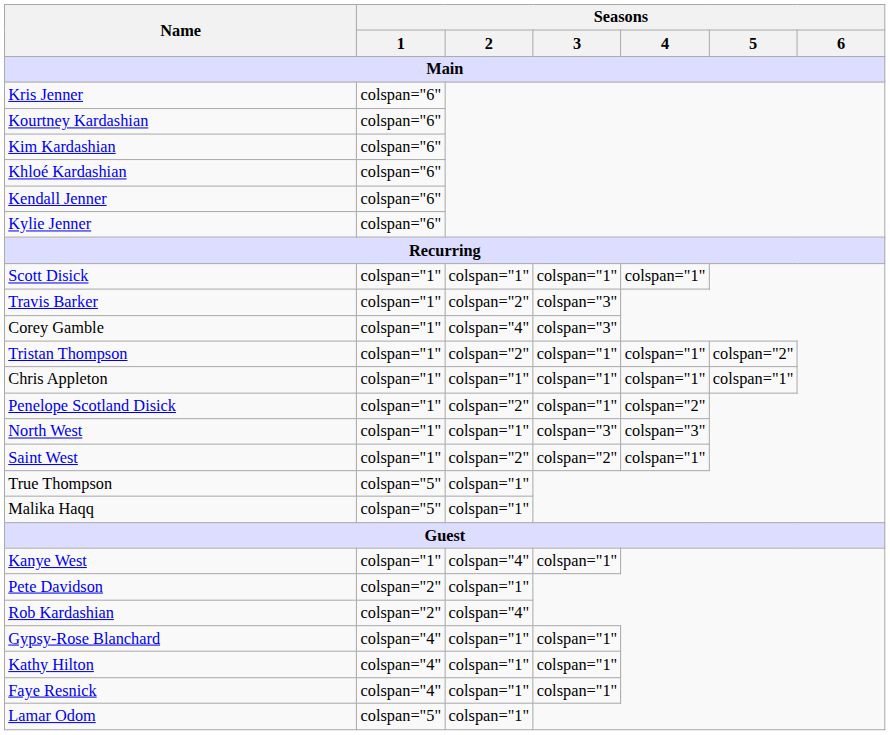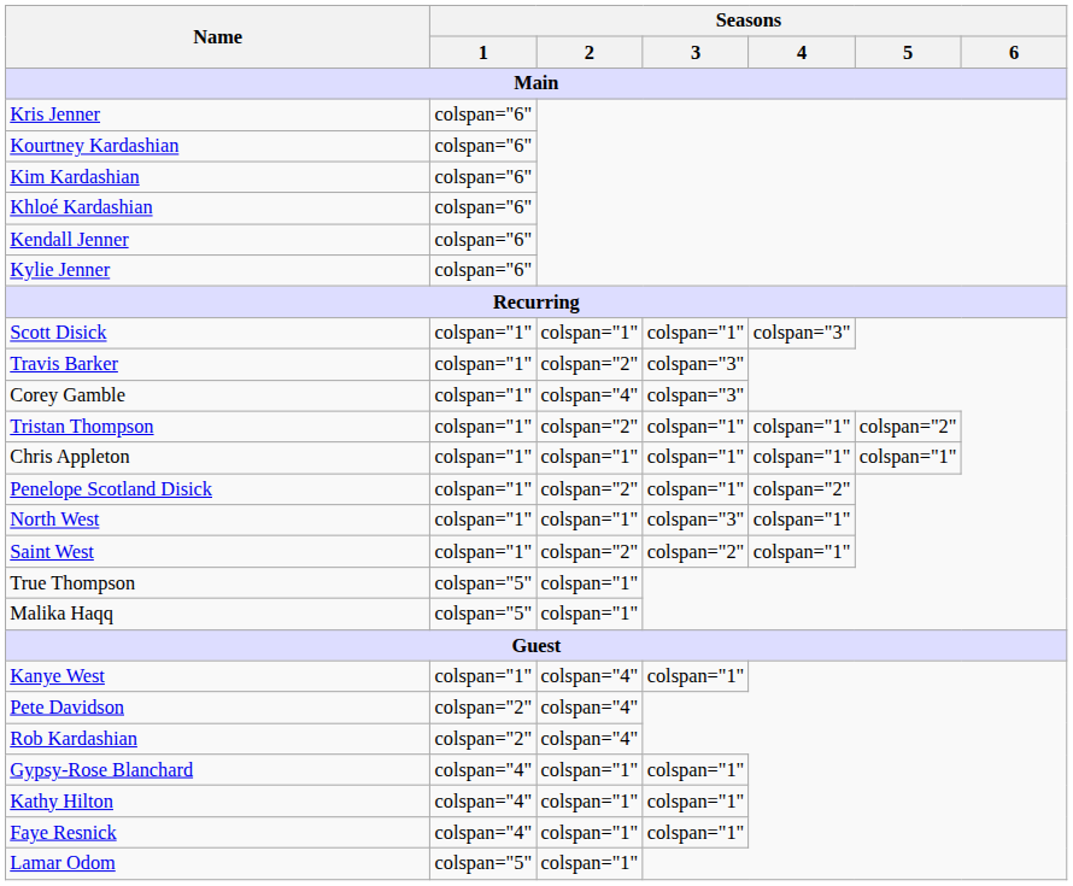 <table class="wikitable plainrowheaders">
 <tr>
 <th scope="col" rowspan="2">Name</th>
 <th scope="col" colspan="19">Seasons</th>
 </tr>
 <tr>
 <th scope="col" style="width:10%;">1</th>
 <th scope="col" style="width:10%;">2</th>
 <th scope="col" style="width:10%;">3</th>
 <th scope="col" style="width:10%;">4</th>
 <th scope="col" style="width:10%;">5</th>
 <th scope="col" style="width:10%;">6</th>
 </tr>
 <tr>
 <th scope="col" colspan="7" style="background-color:#ddf;">Main</th>
 </tr>
 <tr>
 <td><a href='#'>Kris Jenner</a></td>
 <td>colspan="6" </td>
 </tr>
 <tr>
 <td><a href='#'>Kourtney Kardashian</a></td>
 <td>colspan="6" </td>
 </tr>
 <tr>
 <td><a href='#'>Kim Kardashian</a></td>
 <td>colspan="6" </td>
 </tr>
 <tr>
 <td><a href='#'>Khloé Kardashian</a></td>
 <td>colspan="6" </td>
 </tr>
 <tr>
 <td><a href='#'>Kendall Jenner</a></td>
 <td>colspan="6" </td>
 </tr>
 <tr>
 <td><a href='#'>Kylie Jenner</a></td>
 <td>colspan="6" </td>
 </tr>
 <tr>
 <th scope="col" colspan="7" style="background-color:#ddf;">Recurring</th>
 </tr>
 <tr>
 <td><a href='#'>Scott Disick</a></td>
 <td>colspan="1" </td>
 <td>colspan="1" </td>
 <td>colspan="1" </td>
-<td>colspan="1" </td>
+<td>colspan="3" </td>
 </tr>
 <tr>
 <td><a href='#'>Travis Barker</a></td>
 <td>colspan="1" </td>
 <td>colspan="2" </td>
 <td>colspan="3" </td>
 </tr>
 <tr>
 <td>Corey Gamble</td>
 <td>colspan="1" </td>
 <td>colspan="4" </td>
 <td>colspan="3" </td>
 </tr>
 <tr>
 <td><a href='#'>Tristan Thompson</a></td>
 <td>colspan="1" </td>
 <td>colspan="2" </td>
 <td>colspan="1" </td>
 <td>colspan="1" </td>
 <td>colspan="2" </td>
 </tr>
 <tr>
 <td>Chris Appleton</td>
 <td>colspan="1" </td>
 <td>colspan="1" </td>
 <td>colspan="1" </td>
 <td>colspan="1" </td>
 <td>colspan="1" </td>
 </tr>
 <tr>
 <td><a href='#'>Penelope Scotland Disick</a></td>
 <td>colspan="1" </td>
 <td>colspan="2" </td>
 <td>colspan="1" </td>
 <td>colspan="2" </td>
 </tr>
 <tr>
 <td><a href='#'>North West</a></td>
 <td>colspan="1" </td>
 <td>colspan="1" </td>
 <td>colspan="3" </td>
-<td>colspan="3" </td>
+<td>colspan="1" </td>
 </tr>
 <tr>
 <td><a href='#'>Saint West</a></td>
 <td>colspan="1" </td>
 <td>colspan="2" </td>
 <td>colspan="2" </td>
 <td>colspan="1" </td>
 </tr>
 <tr>
 <td>True Thompson</td>
 <td>colspan="5" </td>
 <td>colspan="1" </td>
 </tr>
 <tr>
 <td>Malika Haqq</td>
 <td>colspan="5" </td>
 <td>colspan="1" </td>
 </tr>
 <tr>
 <th scope="col" colspan="7" style="background-color:#ddf;">Guest</th>
 </tr>
 <tr>
 <td><a href='#'>Kanye West</a></td>
 <td>colspan="1" </td>
 <td>colspan="4" </td>
 <td>colspan="1" </td>
 </tr>
 <tr>
 <td><a href='#'>Pete Davidson</a></td>
 <td>colspan="2" </td>
-<td>colspan="1" </td>
+<td>colspan="4" </td>
 </tr>
 <tr>
 <td><a href='#'>Rob Kardashian</a></td>
 <td>colspan="2" </td>
 <td>colspan="4" </td>
 </tr>
 <tr>
 <td><a href='#'>Gypsy-Rose Blanchard</a></td>
 <td>colspan="4" </td>
 <td>colspan="1" </td>
 <td>colspan="1" </td>
 </tr>
 <tr>
 <td><a href='#'>Kathy Hilton</a></td>
 <td>colspan="4" </td>
 <td>colspan="1" </td>
 <td>colspan="1" </td>
 </tr>
 <tr>
 <td><a href='#'>Faye Resnick</a></td>
 <td>colspan="4" </td>
 <td>colspan="1" </td>
 <td>colspan="1" </td>
 </tr>
 <tr>
 <td><a href='#'>Lamar Odom</a></td>
 <td>colspan="5" </td>
 <td>colspan="1" </td>
 </tr>
 </table>
